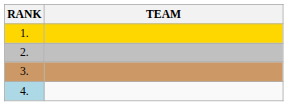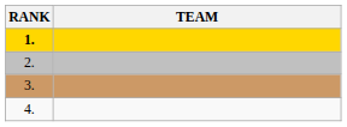 <table class="wikitable" style="border-collapse: collapse; font-size: 90%;">
 <tr>
 <th>RANK</th>
 <th align="center" style="width: 20em">TEAM</th>
 </tr>
 <tr bgcolor=gold>
-<td align="center">1.</td>
+<td align="center"><strong>1.</strong></td>
 <td></td>
 </tr>
 <tr bgcolor=silver>
 <td align="center">2.</td>
 <td></td>
 </tr>
 <tr bgcolor=#cc9966>
 <td align="center">3.</td>
 <td></td>
 </tr>
 <tr>
-<td align="center" style="background: lightblue;">4.</td>
+<td align="center">4.</td>
 <td></td>
 </tr>
 </table>
